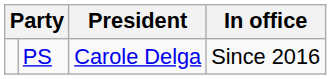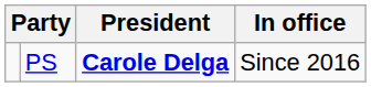 <table class="wikitable">
 <tr>
 <th colspan="2">Party</th>
 <th>President</th>
 <th>In office</th>
 </tr>
 <tr>
 <td></td>
 <td><a href='#'>PS</a></td>
-<td><a href='#'>Carole Delga</a></td>
+<td><strong><a href='#'>Carole Delga</a></strong></td>
 <td>Since 2016</td>
 </tr>
 </table>
